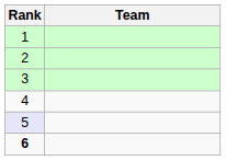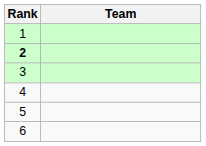 <table class="wikitable" style="text-align: center;">
 <tr>
 <th width=40>Rank</th>
 <th width=200>Team</th>
 </tr>
 <tr bgcolor=#ccffcc>
 <td>1</td>
 <td align=left></td>
 </tr>
 <tr bgcolor=#ccffcc>
-<td>2</td>
+<td><strong>2</strong></td>
 <td align=left></td>
 </tr>
 <tr bgcolor=#ccffcc>
 <td>3</td>
 <td align=left></td>
 </tr>
 <tr>
 <td>4</td>
 <td align=left></td>
 </tr>
 <tr>
-<td style="background: lavender;">5</td>
+<td>5</td>
 <td align=left></td>
 </tr>
 <tr>
-<td><strong>6</strong></td>
+<td>6</td>
 <td align=left></td>
 </tr>
 </table>
